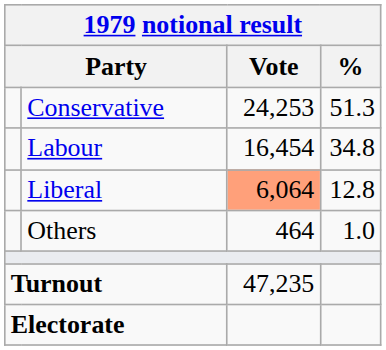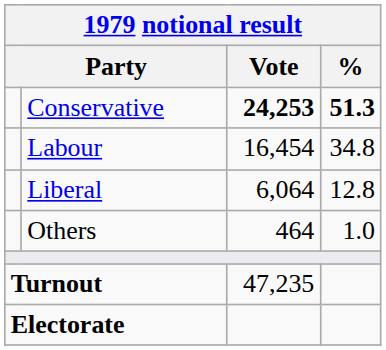 <table class="wikitable">
 <tr>
 <th colspan="4"><a href='#'>1979</a> <a href='#'>notional result</a></th>
 </tr>
 <tr>
 <th bgcolor="#DDDDFF" width="130px" colspan="2">Party</th>
 <th bgcolor="#DDDDFF" width="50px">Vote</th>
 <th bgcolor="#DDDDFF" width="30px">%</th>
 </tr>
 <tr>
 <td></td>
 <td><a href='#'>Conservative</a></td>
-<td align=right>24,253</td>
-<td align=right>51.3</td>
+<td align=right><strong>24,253</strong></td>
+<td align=right><strong>51.3</strong></td>
 </tr>
 <tr>
 <td></td>
 <td><a href='#'>Labour</a></td>
 <td align=right>16,454</td>
 <td align=right>34.8</td>
 </tr>
 <tr>
 <td></td>
 <td><a href='#'>Liberal</a></td>
-<td align=right style="background: lightsalmon;">6,064</td>
+<td align=right>6,064</td>
 <td align=right>12.8</td>
 </tr>
 <tr>
 <td></td>
 <td>Others</td>
 <td align=right>464</td>
 <td align=right>1.0</td>
 </tr>
 <tr>
 <td colspan="4" bgcolor="#EAECF0"></td>
 </tr>
 <tr>
 <td colspan="2"><strong>Turnout</strong></td>
 <td align=right>47,235</td>
 <td align=right></td>
 </tr>
 <tr>
 <td colspan="2"><strong>Electorate</strong></td>
 <td align=right></td>
 </tr>
 </table>
